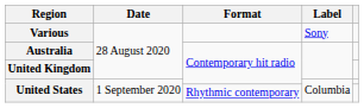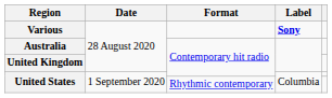 <table class="wikitable plainrowheaders">
 <tr>
 <th scope="col">Region</th>
 <th scope="col">Date</th>
 <th scope="col">Format</th>
 <th scope="col">Label</th>
 <th scope="col"></th>
 </tr>
 <tr>
 <th scope="row">Various</th>
 <td rowspan="3">28 August 2020</td>
 <td></td>
-<td><a href='#'>Sony</a></td>
+<td><strong><a href='#'>Sony</a></strong></td>
 <td></td>
 </tr>
 <tr>
 <th scope="row">Australia</th>
 <td rowspan="3"><a href='#'>Contemporary hit radio</a></td>
 <td rowspan="2"></td>
 <td></td>
 </tr>
 <tr>
 <th scope="row">United Kingdom</th>
 <td></td>
 </tr>
 <tr>
 <th scope="row" rowspan="2">United States</th>
 <td rowspan="2">1 September 2020</td>
 <td rowspan="2">Columbia</td>
 <td></td>
 </tr>
 <tr>
 <td><a href='#'>Rhythmic contemporary</a></td>
 <td></td>
 </tr>
 </table>
